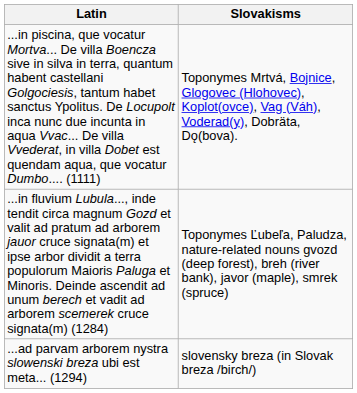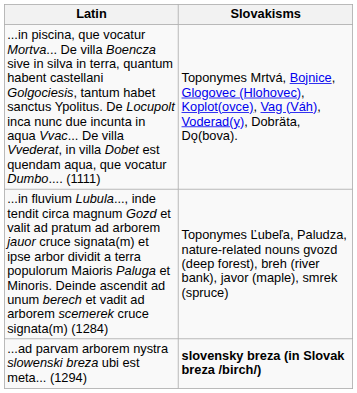 <table class="wikitable" style="margin: 1em auto 1em auto; width:70%; height:30px" border="1">
 <tr>
 <th width=35%>Latin</th>
 <th width=35%>Slovakisms</th>
 </tr>
 <tr>
 <td>...in piscina, que vocatur <em>Mortva</em>... De villa <em>Boencza</em> sive in silva in terra, quantum habent castellani <em>Golgociesis</em>, tantum habet sanctus Ypolitus. De <em>Locupolt</em> inca nunc due incunta in aqua <em>Vvac</em>... De villa <em>Vvederat</em>, in villa <em>Dobet</em> est quendam aqua, que vocatur <em>Dumbo</em>.... (1111)</td>
 <td>Toponymes Mrtvá, <a href='#'>Bojnice</a>, <a href='#'>Glogovec (Hlohovec)</a>, <a href='#'>Koplot(ovce)</a>, <a href='#'>Vag (Váh)</a>, <a href='#'>Voderad(y)</a>, Dobräta, Dǫ(bova).</td>
 </tr>
 <tr>
 <td>...in fluvium <em>Lubula</em>..., inde tendit circa magnum <em>Gozd</em> et valit ad pratum ad arborem <em>jauor</em> cruce signata(m) et ipse arbor dividit a terra populorum Maioris <em>Paluga</em> et Minoris. Deinde ascendit ad unum <em>berech</em> et vadit ad arborem <em>scemerek</em> cruce signata(m) (1284)</td>
 <td>Toponymes Ľubeľa, Paludza, nature-related nouns gvozd (deep forest), breh (river bank), javor (maple), smrek (spruce)</td>
 </tr>
 <tr>
 <td>...ad parvam arborem nystra <em>slowenski breza</em> ubi est meta... (1294)</td>
-<td>slovensky breza (in Slovak breza /birch/)</td>
+<td><strong>slovensky breza (in Slovak breza /birch/)</strong></td>
 </tr>
 </table>
